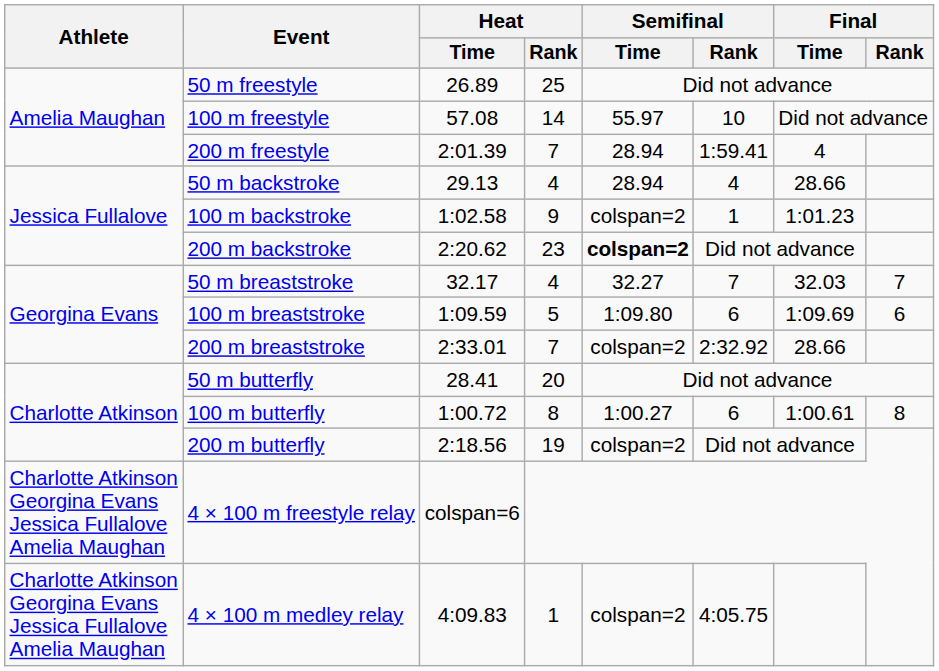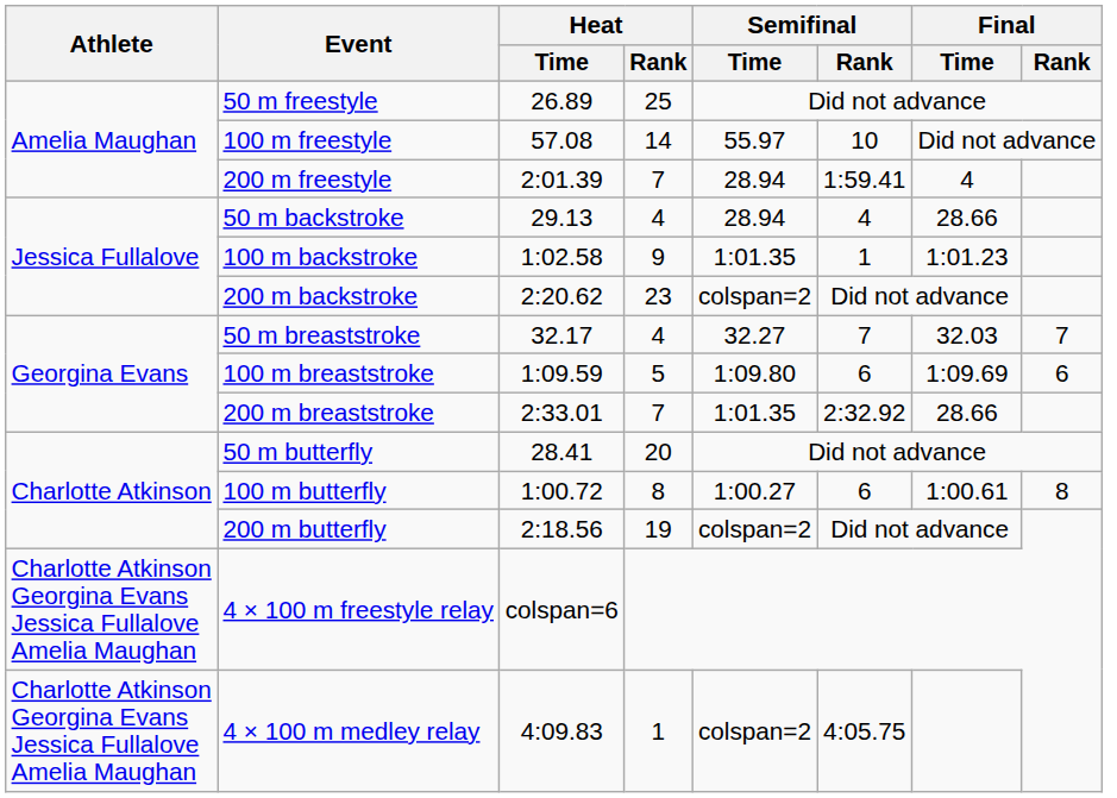 <table class=wikitable style="font-size:90%">
 <tr>
 <th rowspan=2>Athlete</th>
 <th rowspan=2>Event</th>
 <th colspan="2">Heat</th>
 <th colspan="2">Semifinal</th>
 <th colspan="2">Final</th>
 </tr>
 <tr style="font-size:95%">
 <th>Time</th>
 <th>Rank</th>
 <th>Time</th>
 <th>Rank</th>
 <th>Time</th>
 <th>Rank</th>
 </tr>
 <tr align=center>
 <td align=left rowspan=3><a href='#'>Amelia Maughan</a></td>
 <td align=left><a href='#'>50 m freestyle</a></td>
 <td>26.89</td>
 <td>25</td>
 <td colspan="4">Did not advance</td>
 </tr>
 <tr align=center>
 <td align=left><a href='#'>100 m freestyle</a></td>
 <td>57.08</td>
 <td>14</td>
 <td>55.97</td>
 <td>10</td>
 <td colspan="2">Did not advance</td>
 </tr>
 <tr align=center>
 <td align=left><a href='#'>200 m freestyle</a></td>
 <td>2:01.39</td>
 <td>7</td>
 <td>28.94</td>
 <td>1:59.41</td>
 <td>4</td>
 </tr>
 <tr align=center>
 <td align=left rowspan=3><a href='#'>Jessica Fullalove</a></td>
 <td align=left><a href='#'>50 m backstroke</a></td>
 <td>29.13</td>
 <td>4</td>
 <td>28.94</td>
 <td>4</td>
 <td>28.66</td>
 <td></td>
 </tr>
 <tr align=center>
 <td align=left><a href='#'>100 m backstroke</a></td>
 <td>1:02.58</td>
 <td>9</td>
-<td>colspan=2 </td>
+<td>1:01.35</td>
 <td>1</td>
 <td>1:01.23</td>
 <td></td>
 </tr>
 <tr align=center>
 <td align=left><a href='#'>200 m backstroke</a></td>
 <td>2:20.62</td>
 <td>23</td>
-<td><strong>colspan=2 </strong></td>
+<td>colspan=2 </td>
 <td colspan="2">Did not advance</td>
 </tr>
 <tr align=center>
 <td align=left rowspan=3><a href='#'>Georgina Evans</a></td>
 <td align=left><a href='#'>50 m breaststroke</a></td>
 <td>32.17</td>
 <td>4</td>
 <td>32.27</td>
 <td>7</td>
 <td>32.03</td>
 <td>7</td>
 </tr>
 <tr align=center>
 <td align=left><a href='#'>100 m breaststroke</a></td>
 <td>1:09.59</td>
 <td>5</td>
 <td>1:09.80</td>
 <td>6</td>
 <td>1:09.69</td>
 <td>6</td>
 </tr>
 <tr align=center>
 <td align=left><a href='#'>200 m breaststroke</a></td>
 <td>2:33.01</td>
 <td>7</td>
-<td>colspan=2 </td>
+<td>1:01.35</td>
 <td>2:32.92</td>
 <td>28.66</td>
 </tr>
 <tr align=center>
 <td align=left rowspan=3><a href='#'>Charlotte Atkinson</a></td>
 <td align=left><a href='#'>50 m butterfly</a></td>
 <td>28.41</td>
 <td>20</td>
 <td colspan="4">Did not advance</td>
 </tr>
 <tr align=center>
 <td align=left><a href='#'>100 m butterfly</a></td>
 <td>1:00.72</td>
 <td>8</td>
 <td>1:00.27</td>
 <td>6</td>
 <td>1:00.61</td>
 <td>8</td>
 </tr>
 <tr align=center>
 <td align=left><a href='#'>200 m butterfly</a></td>
 <td>2:18.56</td>
 <td>19</td>
 <td>colspan=2 </td>
 <td colspan="2">Did not advance</td>
 </tr>
 <tr align=center>
 <td align=left><a href='#'>Charlotte Atkinson</a><br><a href='#'>Georgina Evans</a><br><a href='#'>Jessica Fullalove</a><br><a href='#'>Amelia Maughan</a></td>
 <td align=left><a href='#'>4 × 100 m freestyle relay</a></td>
 <td>colspan=6 </td>
 </tr>
 <tr align=center>
 <td align=left><a href='#'>Charlotte Atkinson</a><br><a href='#'>Georgina Evans</a><br><a href='#'>Jessica Fullalove</a><br><a href='#'>Amelia Maughan</a></td>
 <td align=left><a href='#'>4 × 100 m medley relay</a></td>
 <td>4:09.83</td>
 <td>1</td>
 <td>colspan=2 </td>
 <td>4:05.75</td>
 <td></td>
 </tr>
 </table>
